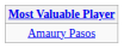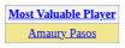 <table class=wikitable style="text-align:center; margin:auto">
 <tr>
 <th><a href='#'>Most Valuable Player</a></th>
 </tr>
 <tr>
-<td> <a href='#'>Amaury Pasos</a></td>
+<td style="background: khaki;"> <a href='#'>Amaury Pasos</a></td>
 </tr>
 </table>
